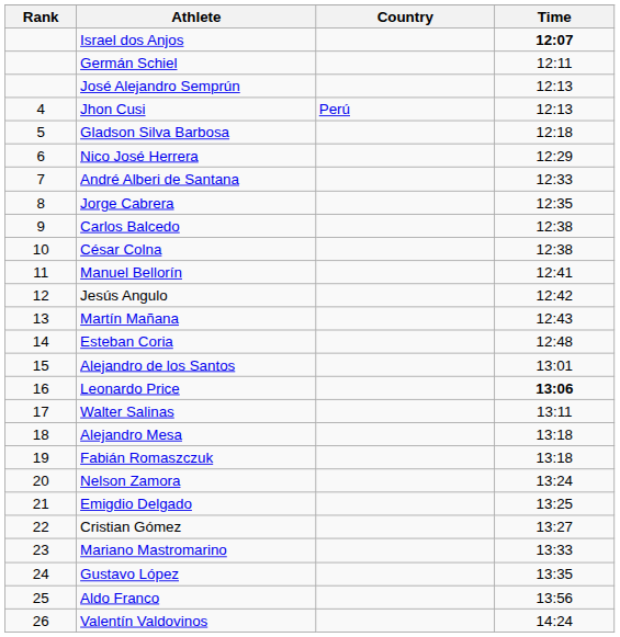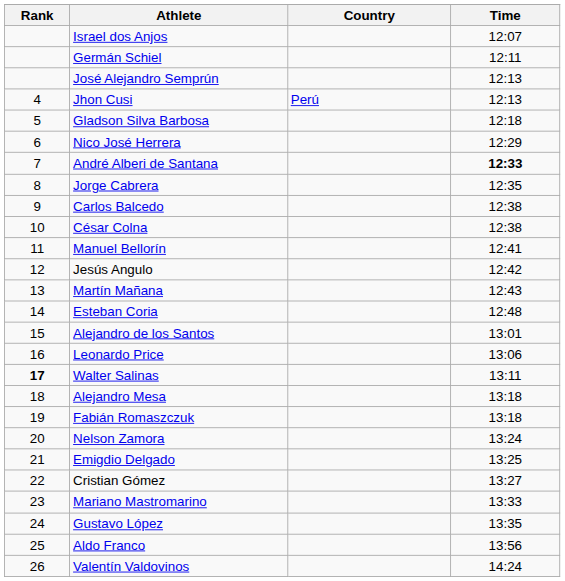 <table class="wikitable sortable" style=" text-align:center; font-size:95%;" width="50%">
 <tr>
 </tr>
 <tr>
 <th width=5%>Rank</th>
 <th width=20%>Athlete</th>
 <th width=15%>Country</th>
 <th width=10%>Time</th>
 </tr>
 <tr>
 <td align=center></td>
 <td align=left><a href='#'>Israel dos Anjos</a></td>
 <td align=left></td>
-<td><strong>12:07</strong></td>
+<td>12:07</td>
 </tr>
 <tr>
 <td align=center></td>
 <td align=left><a href='#'>Germán Schiel</a></td>
 <td align=left></td>
 <td>12:11</td>
 </tr>
 <tr>
 <td align=center></td>
 <td align=left><a href='#'>José Alejandro Semprún</a></td>
 <td align=left></td>
 <td>12:13</td>
 </tr>
 <tr>
 <td align=center>4</td>
 <td align=left><a href='#'>Jhon Cusi</a></td>
 <td align=left> <a href='#'>Perú</a></td>
 <td>12:13</td>
 </tr>
 <tr>
 <td align=center>5</td>
 <td align=left><a href='#'>Gladson Silva Barbosa</a></td>
 <td align=left></td>
 <td>12:18</td>
 </tr>
 <tr>
 <td align=center>6</td>
 <td align=left><a href='#'>Nico José Herrera</a></td>
 <td align=left></td>
 <td>12:29</td>
 </tr>
 <tr>
 <td align=center>7</td>
 <td align=left><a href='#'>André Alberi de Santana</a></td>
 <td align=left></td>
-<td>12:33</td>
+<td><strong>12:33</strong></td>
 </tr>
 <tr>
 <td align=center>8</td>
 <td align=left><a href='#'>Jorge Cabrera</a></td>
 <td align=left></td>
 <td>12:35</td>
 </tr>
 <tr>
 <td align=center>9</td>
 <td align=left><a href='#'>Carlos Balcedo</a></td>
 <td align=left></td>
 <td>12:38</td>
 </tr>
 <tr>
 <td align=center>10</td>
 <td align=left><a href='#'>César Colna</a></td>
 <td align=left></td>
 <td>12:38</td>
 </tr>
 <tr>
 <td align=center>11</td>
 <td align=left><a href='#'>Manuel Bellorín</a></td>
 <td align=left></td>
 <td>12:41</td>
 </tr>
 <tr>
 <td align=center>12</td>
 <td align=left>Jesús Angulo</td>
 <td align=left></td>
 <td>12:42</td>
 </tr>
 <tr>
 <td align=center>13</td>
 <td align=left><a href='#'>Martín Mañana</a></td>
 <td align=left></td>
 <td>12:43</td>
 </tr>
 <tr>
 <td align=center>14</td>
 <td align=left><a href='#'>Esteban Coria</a></td>
 <td align=left></td>
 <td>12:48</td>
 </tr>
 <tr>
 <td align=center>15</td>
 <td align=left><a href='#'>Alejandro de los Santos</a></td>
 <td align=left></td>
 <td>13:01</td>
 </tr>
 <tr>
 <td align=center>16</td>
 <td align=left><a href='#'>Leonardo Price</a></td>
 <td align=left></td>
-<td><strong>13:06</strong></td>
+<td>13:06</td>
 </tr>
 <tr>
-<td align=center>17</td>
+<td align=center><strong>17</strong></td>
 <td align=left><a href='#'>Walter Salinas</a></td>
 <td align=left></td>
 <td>13:11</td>
 </tr>
 <tr>
 <td align=center>18</td>
 <td align=left><a href='#'>Alejandro Mesa</a></td>
 <td align=left></td>
 <td>13:18</td>
 </tr>
 <tr>
 <td align=center>19</td>
 <td align=left><a href='#'>Fabián Romaszczuk</a></td>
 <td align=left></td>
 <td>13:18</td>
 </tr>
 <tr>
 <td align=center>20</td>
 <td align=left><a href='#'>Nelson Zamora</a></td>
 <td align=left></td>
 <td>13:24</td>
 </tr>
 <tr>
 <td align=center>21</td>
 <td align=left><a href='#'>Emigdio Delgado</a></td>
 <td align=left></td>
 <td>13:25</td>
 </tr>
 <tr>
 <td align=center>22</td>
 <td align=left>Cristian Gómez</td>
 <td align=left></td>
 <td>13:27</td>
 </tr>
 <tr>
 <td align=center>23</td>
 <td align=left><a href='#'>Mariano Mastromarino</a></td>
 <td align=left></td>
 <td>13:33</td>
 </tr>
 <tr>
 <td align=center>24</td>
 <td align=left><a href='#'>Gustavo López</a></td>
 <td align=left></td>
 <td>13:35</td>
 </tr>
 <tr>
 <td align=center>25</td>
 <td align=left><a href='#'>Aldo Franco</a></td>
 <td align=left></td>
 <td>13:56</td>
 </tr>
 <tr>
 <td align=center>26</td>
 <td align=left><a href='#'>Valentín Valdovinos</a></td>
 <td align=left></td>
 <td>14:24</td>
 </tr>
 </table>
